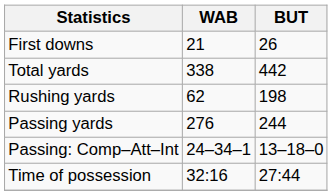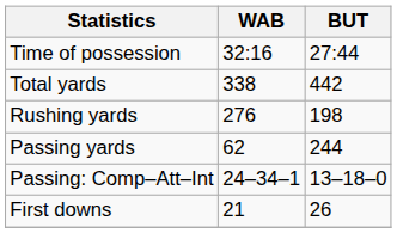 <table class="wikitable" style="float: left;">
 <tr>
 <th>Statistics</th>
 <th>WAB</th>
 <th>BUT</th>
 </tr>
 <tr>
-<td>First downs</td>
-<td>21</td>
-<td>26</td>
+<td>Time of possession</td>
+<td>32:16</td>
+<td>27:44</td>
 </tr>
 <tr>
 <td>Total yards</td>
 <td>338</td>
 <td>442</td>
 </tr>
 <tr>
 <td>Rushing yards</td>
-<td>62</td>
+<td>276</td>
 <td>198</td>
 </tr>
 <tr>
 <td>Passing yards</td>
-<td>276</td>
+<td>62</td>
 <td>244</td>
 </tr>
 <tr>
 <td>Passing: Comp–Att–Int</td>
 <td>24–34–1</td>
 <td>13–18–0</td>
 </tr>
 <tr>
-<td>Time of possession</td>
-<td>32:16</td>
-<td>27:44</td>
+<td>First downs</td>
+<td>21</td>
+<td>26</td>
 </tr>
 <tr>
 </tr>
 </table>
